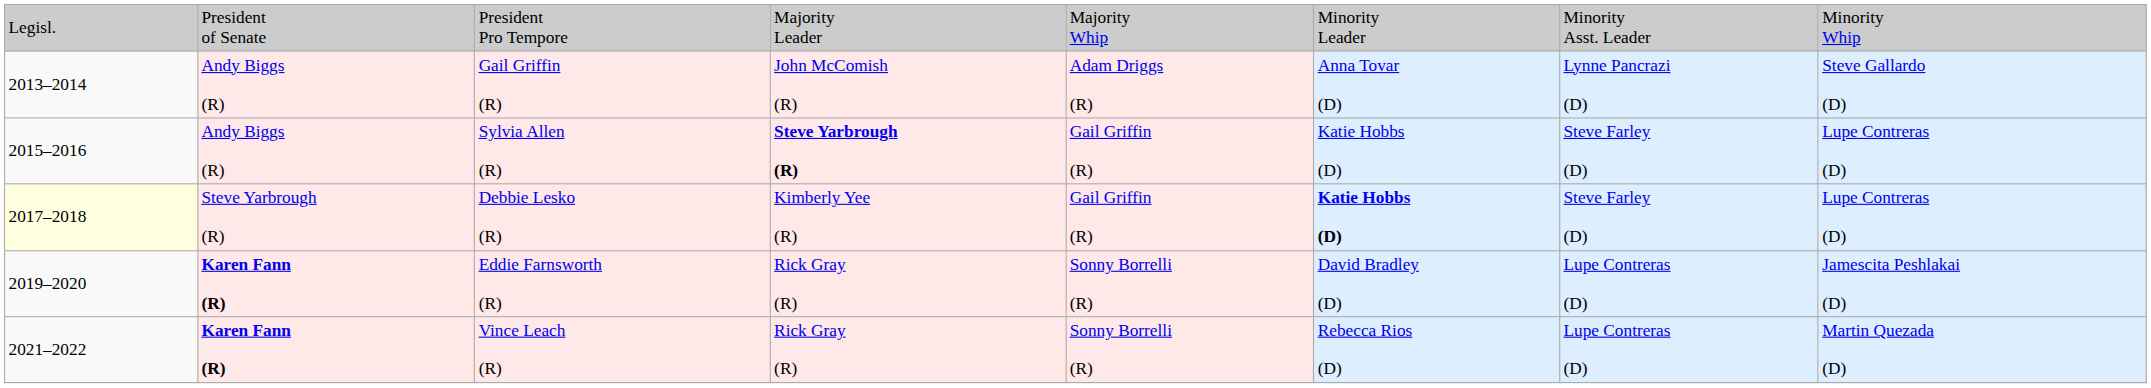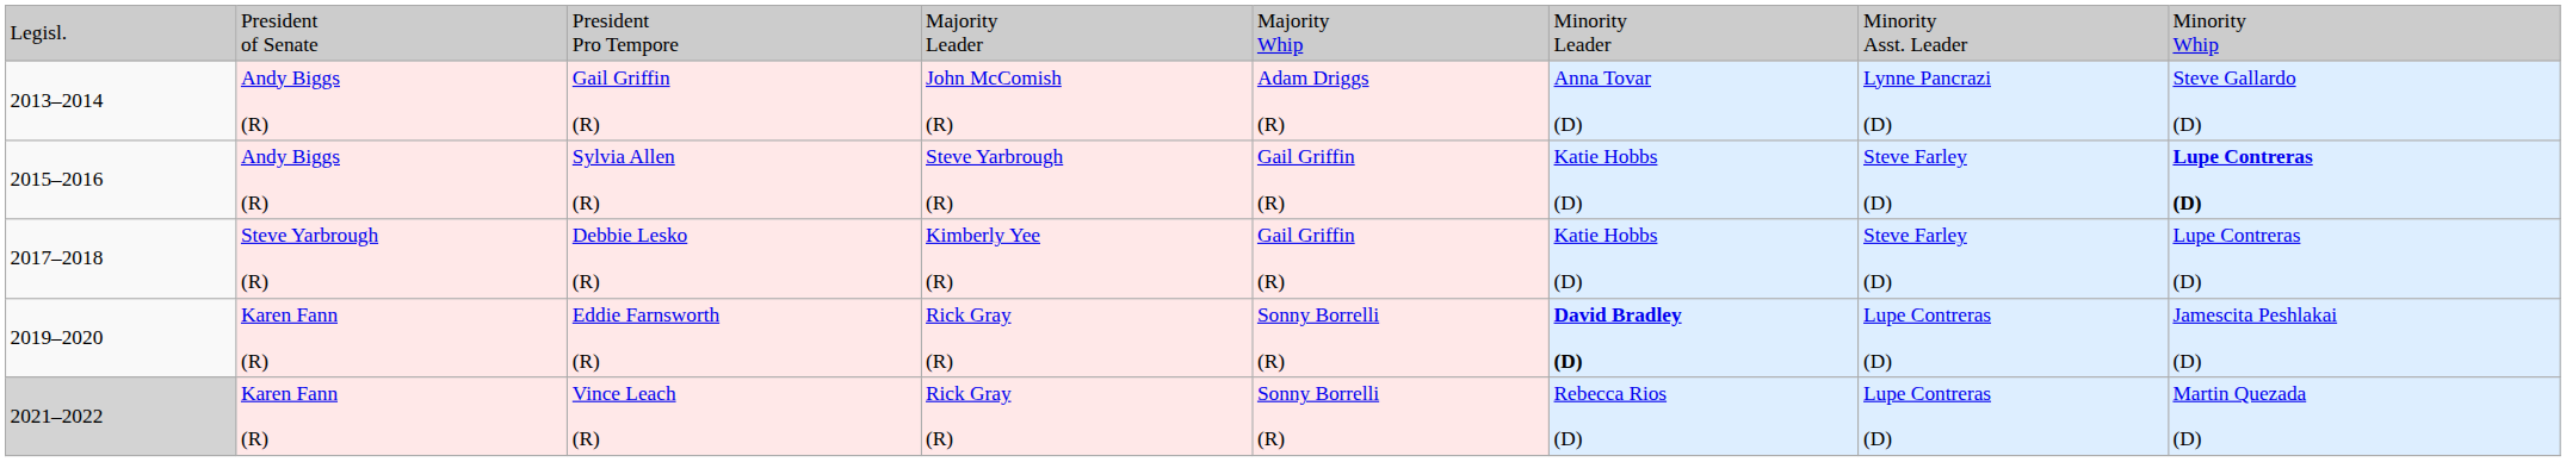 <table class=wikitable width="100%" border="1">
 <tr style="background-color:#cccccc;">
 <td>Legisl.</td>
 <td>President <br>of Senate</td>
 <td>President <br>Pro Tempore</td>
 <td>Majority <br>Leader</td>
 <td>Majority <br><a href='#'>Whip</a></td>
 <td>Minority <br>Leader</td>
 <td>Minority <br>Asst. Leader</td>
 <td>Minority <br><a href='#'>Whip</a></td>
 </tr>
 <tr>
 <td>2013–2014</td>
 <td style="background:#FFE8E8"><a href='#'>Andy Biggs</a><br><br>(R) </td>
 <td style="background:#FFE8E8"><a href='#'>Gail Griffin</a><br><br>(R) </td>
 <td style="background:#FFE8E8"><a href='#'>John McComish</a><br><br>(R) </td>
 <td style="background:#FFE8E8"><a href='#'>Adam Driggs</a><br><br>(R)  </td>
 <td style="background:#DDEEFF"><a href='#'>Anna Tovar</a><br><br>(D) </td>
 <td style="background:#DDEEFF"><a href='#'>Lynne Pancrazi</a><br><br>(D) </td>
 <td style="background:#DDEEFF"><a href='#'>Steve Gallardo</a><br><br>(D) </td>
 </tr>
 <tr>
 <td>2015–2016</td>
 <td style="background:#FFE8E8"><a href='#'>Andy Biggs</a><br><br>(R) </td>
 <td style="background:#FFE8E8"><a href='#'>Sylvia Allen</a><br><br>(R) </td>
-<td style="background:#FFE8E8"><strong><a href='#'>Steve Yarbrough</a><br><br>(R) </strong></td>
+<td style="background:#FFE8E8"><a href='#'>Steve Yarbrough</a><br><br>(R) </td>
+<td style="background:#FFE8E8"><a href='#'>Gail Griffin</a><br><br>(R)  </td>
+<td style="background:#DDEEFF"><a href='#'>Katie Hobbs</a><br><br>(D) </td>
+<td style="background:#DDEEFF"><a href='#'>Steve Farley</a><br><br>(D) </td>
+<td style="background:#DDEEFF"><strong><a href='#'>Lupe Contreras</a><br><br>(D) </strong></td>
+</tr>
+<tr>
+<td>2017–2018</td>
+<td style="background:#FFE8E8"><a href='#'>Steve Yarbrough</a><br><br>(R) </td>
+<td style="background:#FFE8E8"><a href='#'>Debbie Lesko</a><br><br>(R)  </td>
+<td style="background:#FFE8E8"><a href='#'>Kimberly Yee</a><br><br>(R) </td>
 <td style="background:#FFE8E8"><a href='#'>Gail Griffin</a><br><br>(R)  </td>
 <td style="background:#DDEEFF"><a href='#'>Katie Hobbs</a><br><br>(D) </td>
 <td style="background:#DDEEFF"><a href='#'>Steve Farley</a><br><br>(D) </td>
 <td style="background:#DDEEFF"><a href='#'>Lupe Contreras</a><br><br>(D) </td>
 </tr>
 <tr>
-<td style="background: lightyellow;">2017–2018</td>
-<td style="background:#FFE8E8"><a href='#'>Steve Yarbrough</a><br><br>(R) </td>
-<td style="background:#FFE8E8"><a href='#'>Debbie Lesko</a><br><br>(R)  </td>
-<td style="background:#FFE8E8"><a href='#'>Kimberly Yee</a><br><br>(R) </td>
-<td style="background:#FFE8E8"><a href='#'>Gail Griffin</a><br><br>(R)  </td>
-<td style="background:#DDEEFF"><strong><a href='#'>Katie Hobbs</a><br><br>(D) </strong></td>
-<td style="background:#DDEEFF"><a href='#'>Steve Farley</a><br><br>(D) </td>
-<td style="background:#DDEEFF"><a href='#'>Lupe Contreras</a><br><br>(D) </td>
-</tr>
-<tr>
 <td>2019–2020</td>
-<td style="background:#FFE8E8"><strong><a href='#'>Karen Fann</a><br><br>(R) </strong></td>
+<td style="background:#FFE8E8"><a href='#'>Karen Fann</a><br><br>(R) </td>
 <td style="background:#FFE8E8"><a href='#'>Eddie Farnsworth</a><br><br>(R) </td>
 <td style="background:#FFE8E8"><a href='#'>Rick Gray</a><br><br>(R) </td>
 <td style="background:#FFE8E8"><a href='#'>Sonny Borrelli</a><br><br>(R)  </td>
-<td style="background:#DDEEFF"><a href='#'>David Bradley</a><br><br>(D) </td>
+<td style="background:#DDEEFF"><strong><a href='#'>David Bradley</a><br><br>(D) </strong></td>
 <td style="background:#DDEEFF"><a href='#'>Lupe Contreras</a><br><br>(D) </td>
 <td style="background:#DDEEFF"><a href='#'>Jamescita Peshlakai</a><br><br>(D) </td>
 </tr>
 <tr>
-<td>2021–2022</td>
-<td style="background:#FFE8E8"><strong><a href='#'>Karen Fann</a><br><br>(R) </strong></td>
+<td style="background: lightgrey;">2021–2022</td>
+<td style="background:#FFE8E8"><a href='#'>Karen Fann</a><br><br>(R) </td>
 <td style="background:#FFE8E8"><a href='#'>Vince Leach</a><br><br>(R) </td>
 <td style="background:#FFE8E8"><a href='#'>Rick Gray</a><br><br>(R) </td>
 <td style="background:#FFE8E8"><a href='#'>Sonny Borrelli</a><br><br>(R)  </td>
 <td style="background:#DDEEFF"><a href='#'>Rebecca Rios</a><br><br>(D) </td>
 <td style="background:#DDEEFF"><a href='#'>Lupe Contreras</a><br><br>(D) </td>
 <td style="background:#DDEEFF"><a href='#'>Martin Quezada</a><br><br>(D) </td>
 </tr>
 <tr>
 </tr>
 </table>
